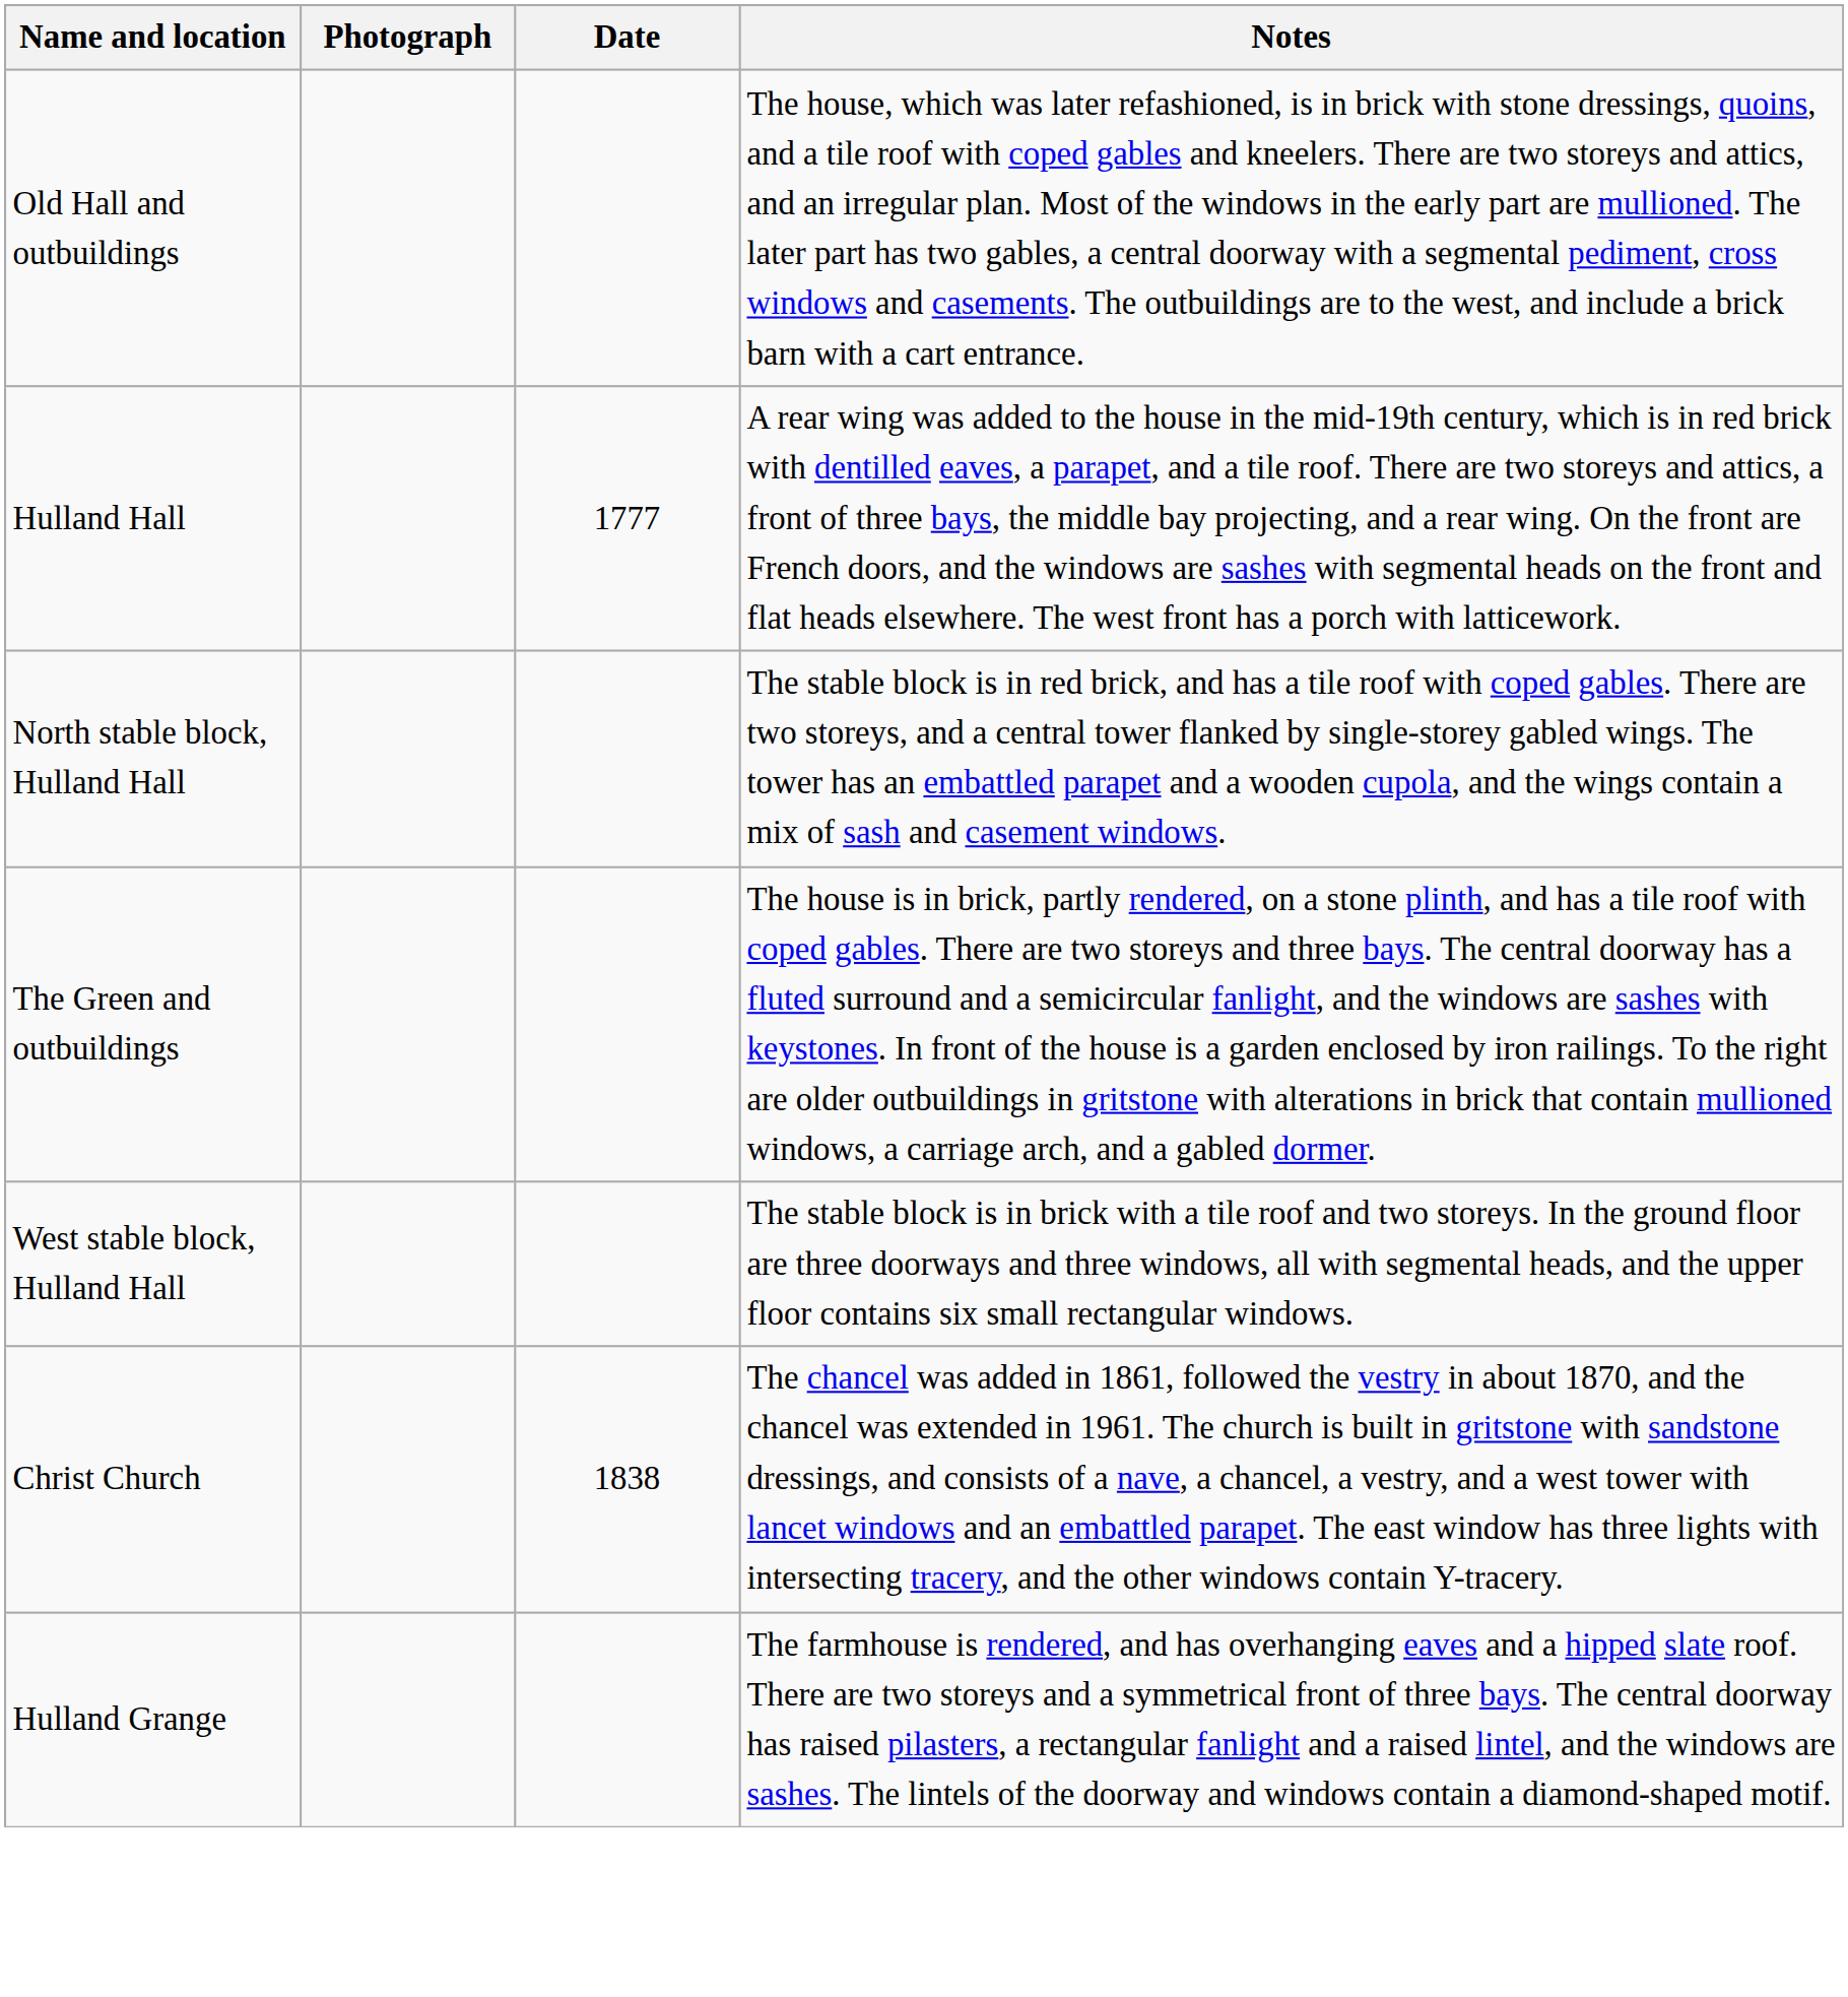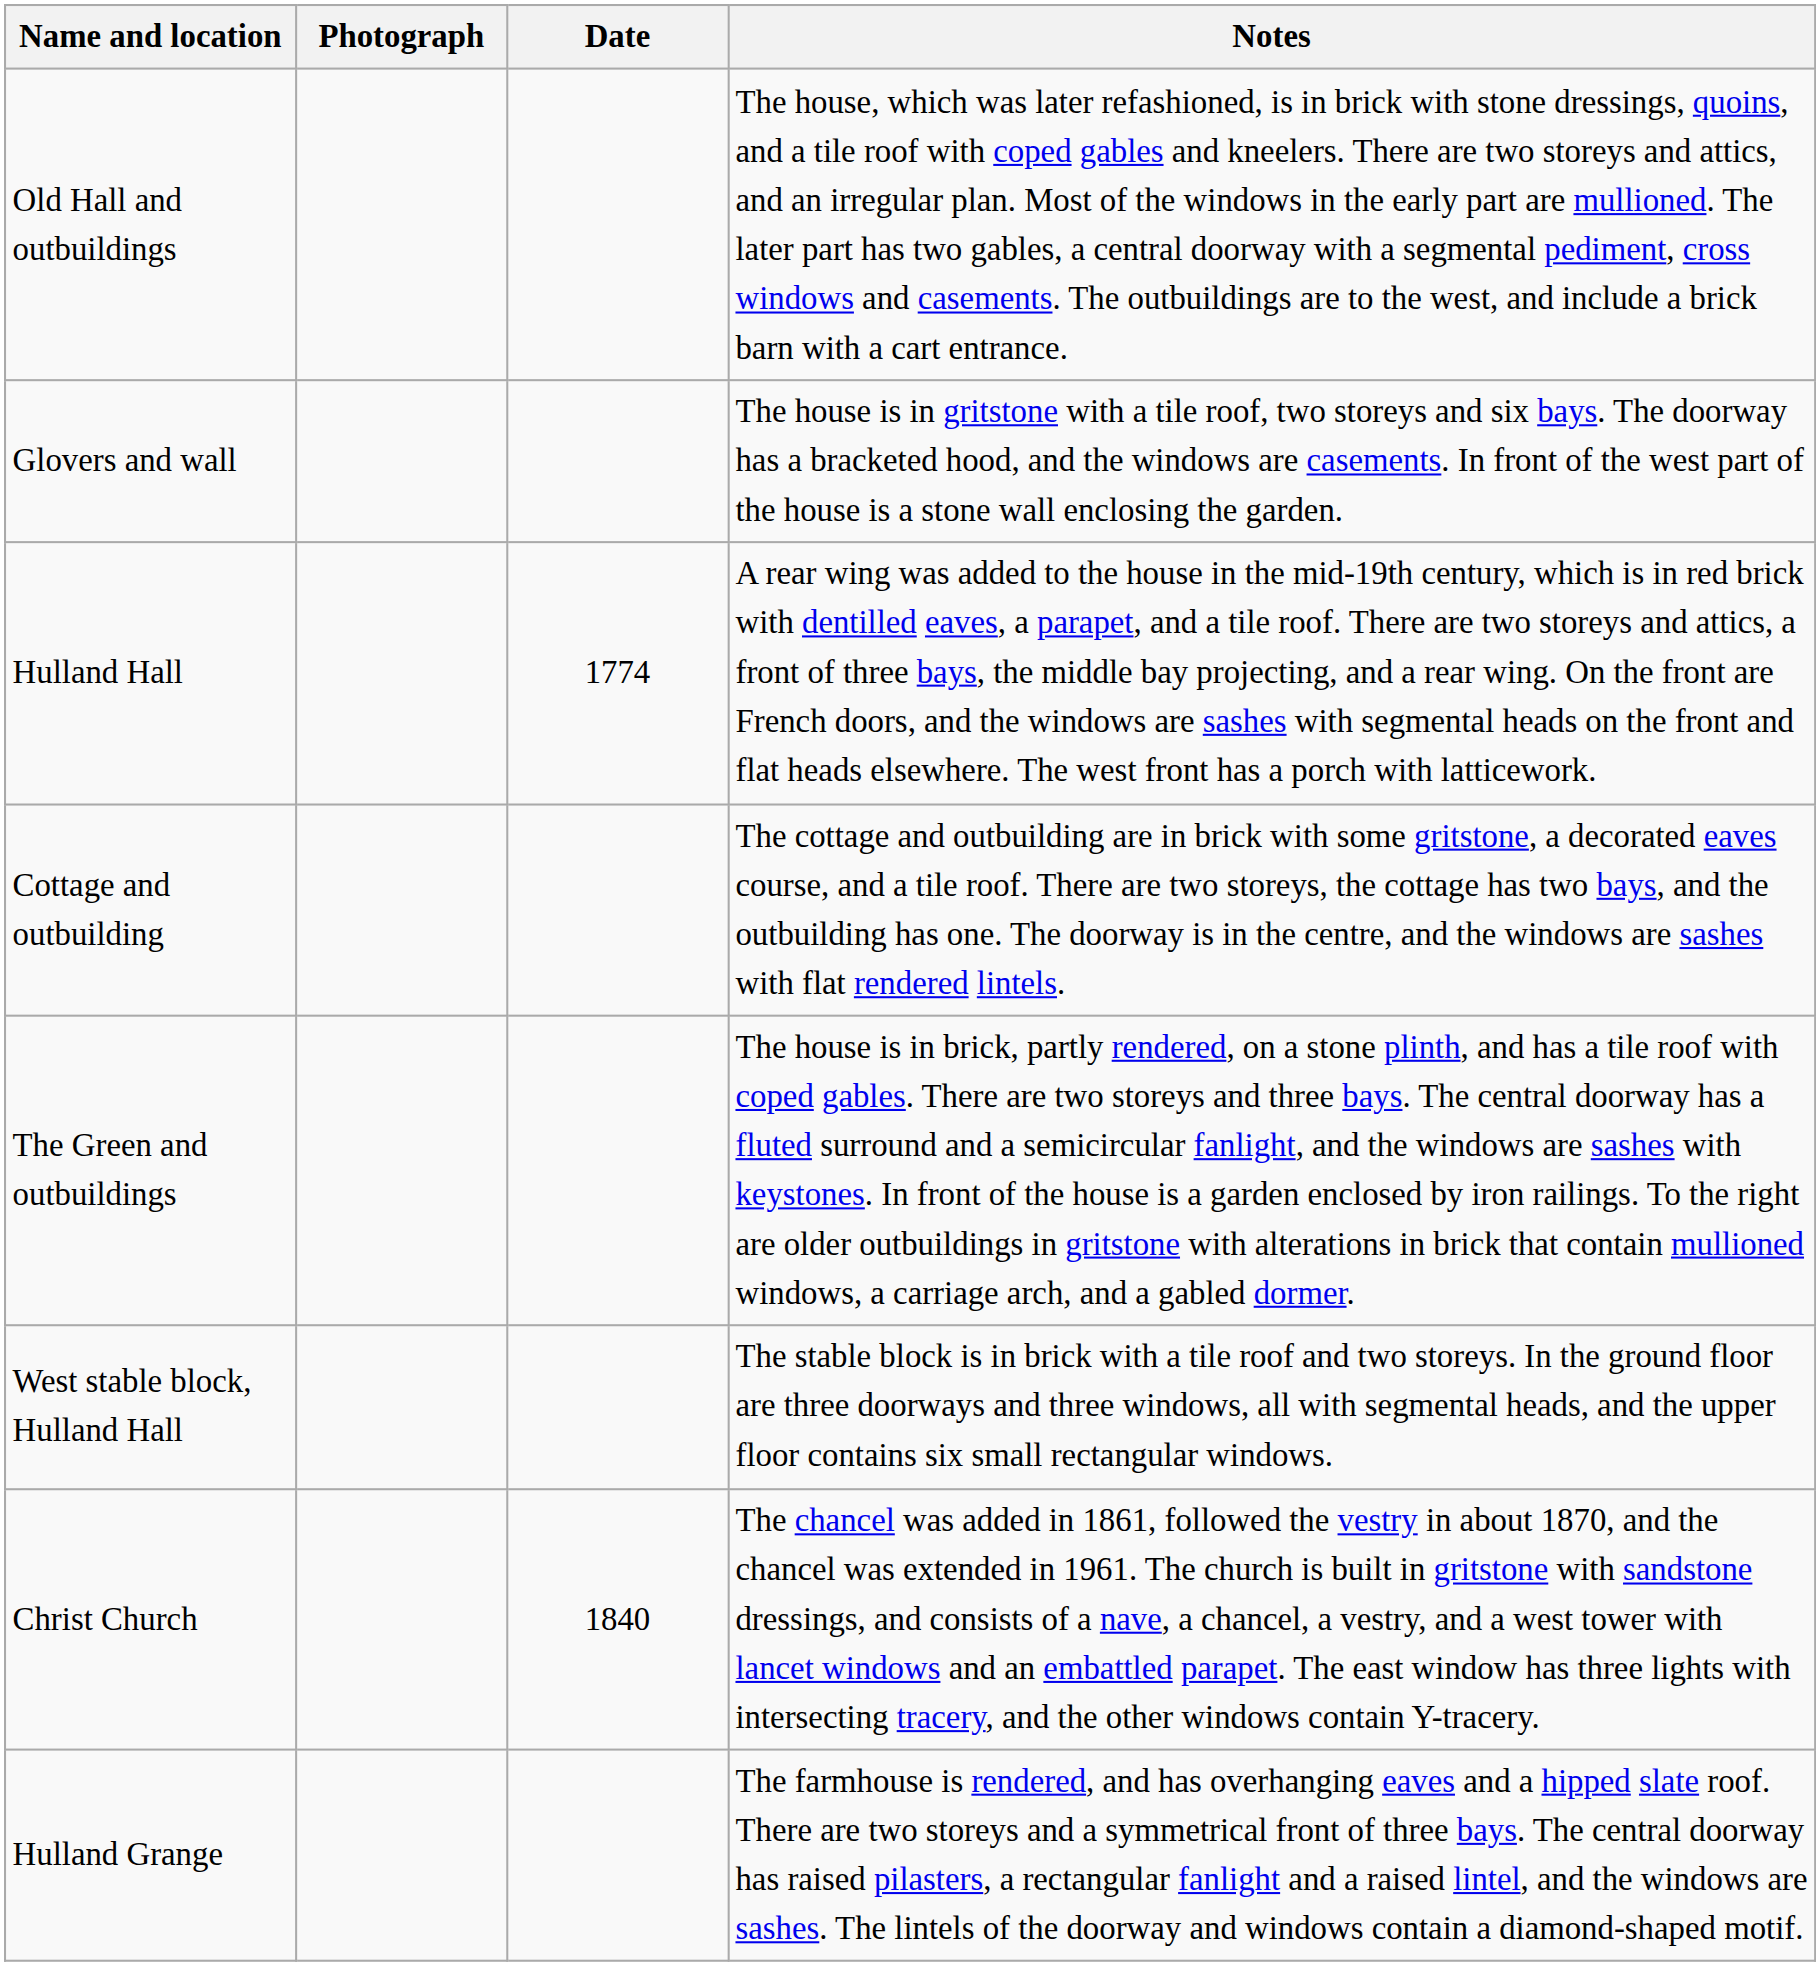 <table class="wikitable sortable plainrowheaders" style="width:100%;border:0px;text-align:left;line-height:150%;">
 <tr>
 <th scope="col"  style="width:150px">Name and location</th>
 <th scope="col"  style="width:100px" class="unsortable">Photograph</th>
 <th scope="col"  style="width:120px">Date</th>
 <th scope="col"  style="width:650px" class="unsortable">Notes</th>
 </tr>
 <tr>
 <td>Old Hall and outbuildings<br><small></small></td>
 <td></td>
 <td align="center"></td>
 <td>The house, which was later refashioned, is in brick with stone dressings, <a href='#'>quoins</a>, and a tile roof with <a href='#'>coped</a> <a href='#'>gables</a> and kneelers.  There are two storeys and attics, and an irregular plan.  Most of the windows in the early part are <a href='#'>mullioned</a>.  The later part has two gables, a central doorway with a segmental <a href='#'>pediment</a>, <a href='#'>cross windows</a> and <a href='#'>casements</a>.  The outbuildings are to the west, and include a brick barn with a cart entrance.</td>
 </tr>
 <tr>
+<td>Glovers and wall<br><small></small></td>
+<td></td>
+<td align="center"></td>
+<td>The house is in <a href='#'>gritstone</a> with a tile roof, two storeys and six <a href='#'>bays</a>.  The doorway has a bracketed hood, and the windows are <a href='#'>casements</a>.  In front of the west part of the house is a stone wall enclosing the garden.</td>
+</tr>
+<tr>
 <td>Hulland Hall<br><small></small></td>
 <td></td>
-<td align="center">1777</td>
+<td align="center">1774</td>
 <td>A rear wing was added to the house in the mid-19th century, which is in red brick with <a href='#'>dentilled</a> <a href='#'>eaves</a>, a <a href='#'>parapet</a>, and a tile roof.  There are two storeys and attics, a front of three <a href='#'>bays</a>, the middle bay projecting, and a rear wing.  On the front are French doors, and the windows are <a href='#'>sashes</a> with segmental heads on the front and flat heads elsewhere.  The west front has a porch with latticework.</td>
 </tr>
 <tr>
-<td>North stable block, Hulland Hall<br><small></small></td>
+<td>Cottage and outbuilding<br><small></small></td>
 <td></td>
 <td align="center"></td>
-<td>The stable block is in red brick, and has a tile roof with <a href='#'>coped</a> <a href='#'>gables</a>.  There are two storeys, and a central tower flanked by single-storey gabled wings.  The tower has an <a href='#'>embattled</a> <a href='#'>parapet</a> and a wooden <a href='#'>cupola</a>, and the wings contain a mix of <a href='#'>sash</a> and <a href='#'>casement windows</a>.</td>
+<td>The cottage and outbuilding are in brick with some <a href='#'>gritstone</a>, a decorated <a href='#'>eaves</a> course, and a tile roof.  There are two storeys, the cottage has two <a href='#'>bays</a>, and the outbuilding has one.  The doorway is in the centre, and the windows are <a href='#'>sashes</a> with flat <a href='#'>rendered</a> <a href='#'>lintels</a>.</td>
 </tr>
 <tr>
 <td>The Green and outbuildings<br><small></small></td>
 <td></td>
 <td align="center"></td>
 <td>The house is in brick, partly <a href='#'>rendered</a>, on a stone <a href='#'>plinth</a>, and has a tile roof with <a href='#'>coped</a> <a href='#'>gables</a>.  There are two storeys and three <a href='#'>bays</a>.  The central doorway has a <a href='#'>fluted</a> surround and a semicircular <a href='#'>fanlight</a>, and the windows are <a href='#'>sashes</a> with <a href='#'>keystones</a>.  In front of the house is a garden enclosed by iron railings.  To the right are older outbuildings in <a href='#'>gritstone</a> with alterations in brick that contain <a href='#'>mullioned</a> windows, a carriage arch, and a gabled <a href='#'>dormer</a>.</td>
 </tr>
 <tr>
 <td>West stable block, Hulland Hall<br><small></small></td>
 <td></td>
 <td align="center"></td>
 <td>The stable block is in brick with a tile roof and two storeys.  In the ground floor are three doorways and three windows, all with segmental heads, and the upper floor contains six small rectangular windows.</td>
 </tr>
 <tr>
 <td>Christ Church<br><small></small></td>
 <td></td>
-<td align="center">1838</td>
+<td align="center">1840</td>
 <td>The <a href='#'>chancel</a> was added in 1861, followed the <a href='#'>vestry</a> in about 1870, and the chancel was extended in 1961.  The church is built in <a href='#'>gritstone</a> with <a href='#'>sandstone</a> dressings, and consists of a <a href='#'>nave</a>, a chancel, a vestry, and a west tower with <a href='#'>lancet windows</a> and an <a href='#'>embattled</a> <a href='#'>parapet</a>. The east window has three lights with intersecting <a href='#'>tracery</a>, and the other windows contain Y-tracery.</td>
 </tr>
 <tr>
 <td>Hulland Grange<br><small></small></td>
 <td></td>
 <td align="center"></td>
 <td>The farmhouse is <a href='#'>rendered</a>, and has overhanging <a href='#'>eaves</a> and a <a href='#'>hipped</a> <a href='#'>slate</a> roof.  There are two storeys and a symmetrical front of three <a href='#'>bays</a>.  The central doorway has raised <a href='#'>pilasters</a>, a rectangular <a href='#'>fanlight</a> and a raised <a href='#'>lintel</a>, and the windows are <a href='#'>sashes</a>.  The lintels of the doorway and windows contain a diamond-shaped motif.</td>
 </tr>
 <tr>
 </tr>
 </table>
